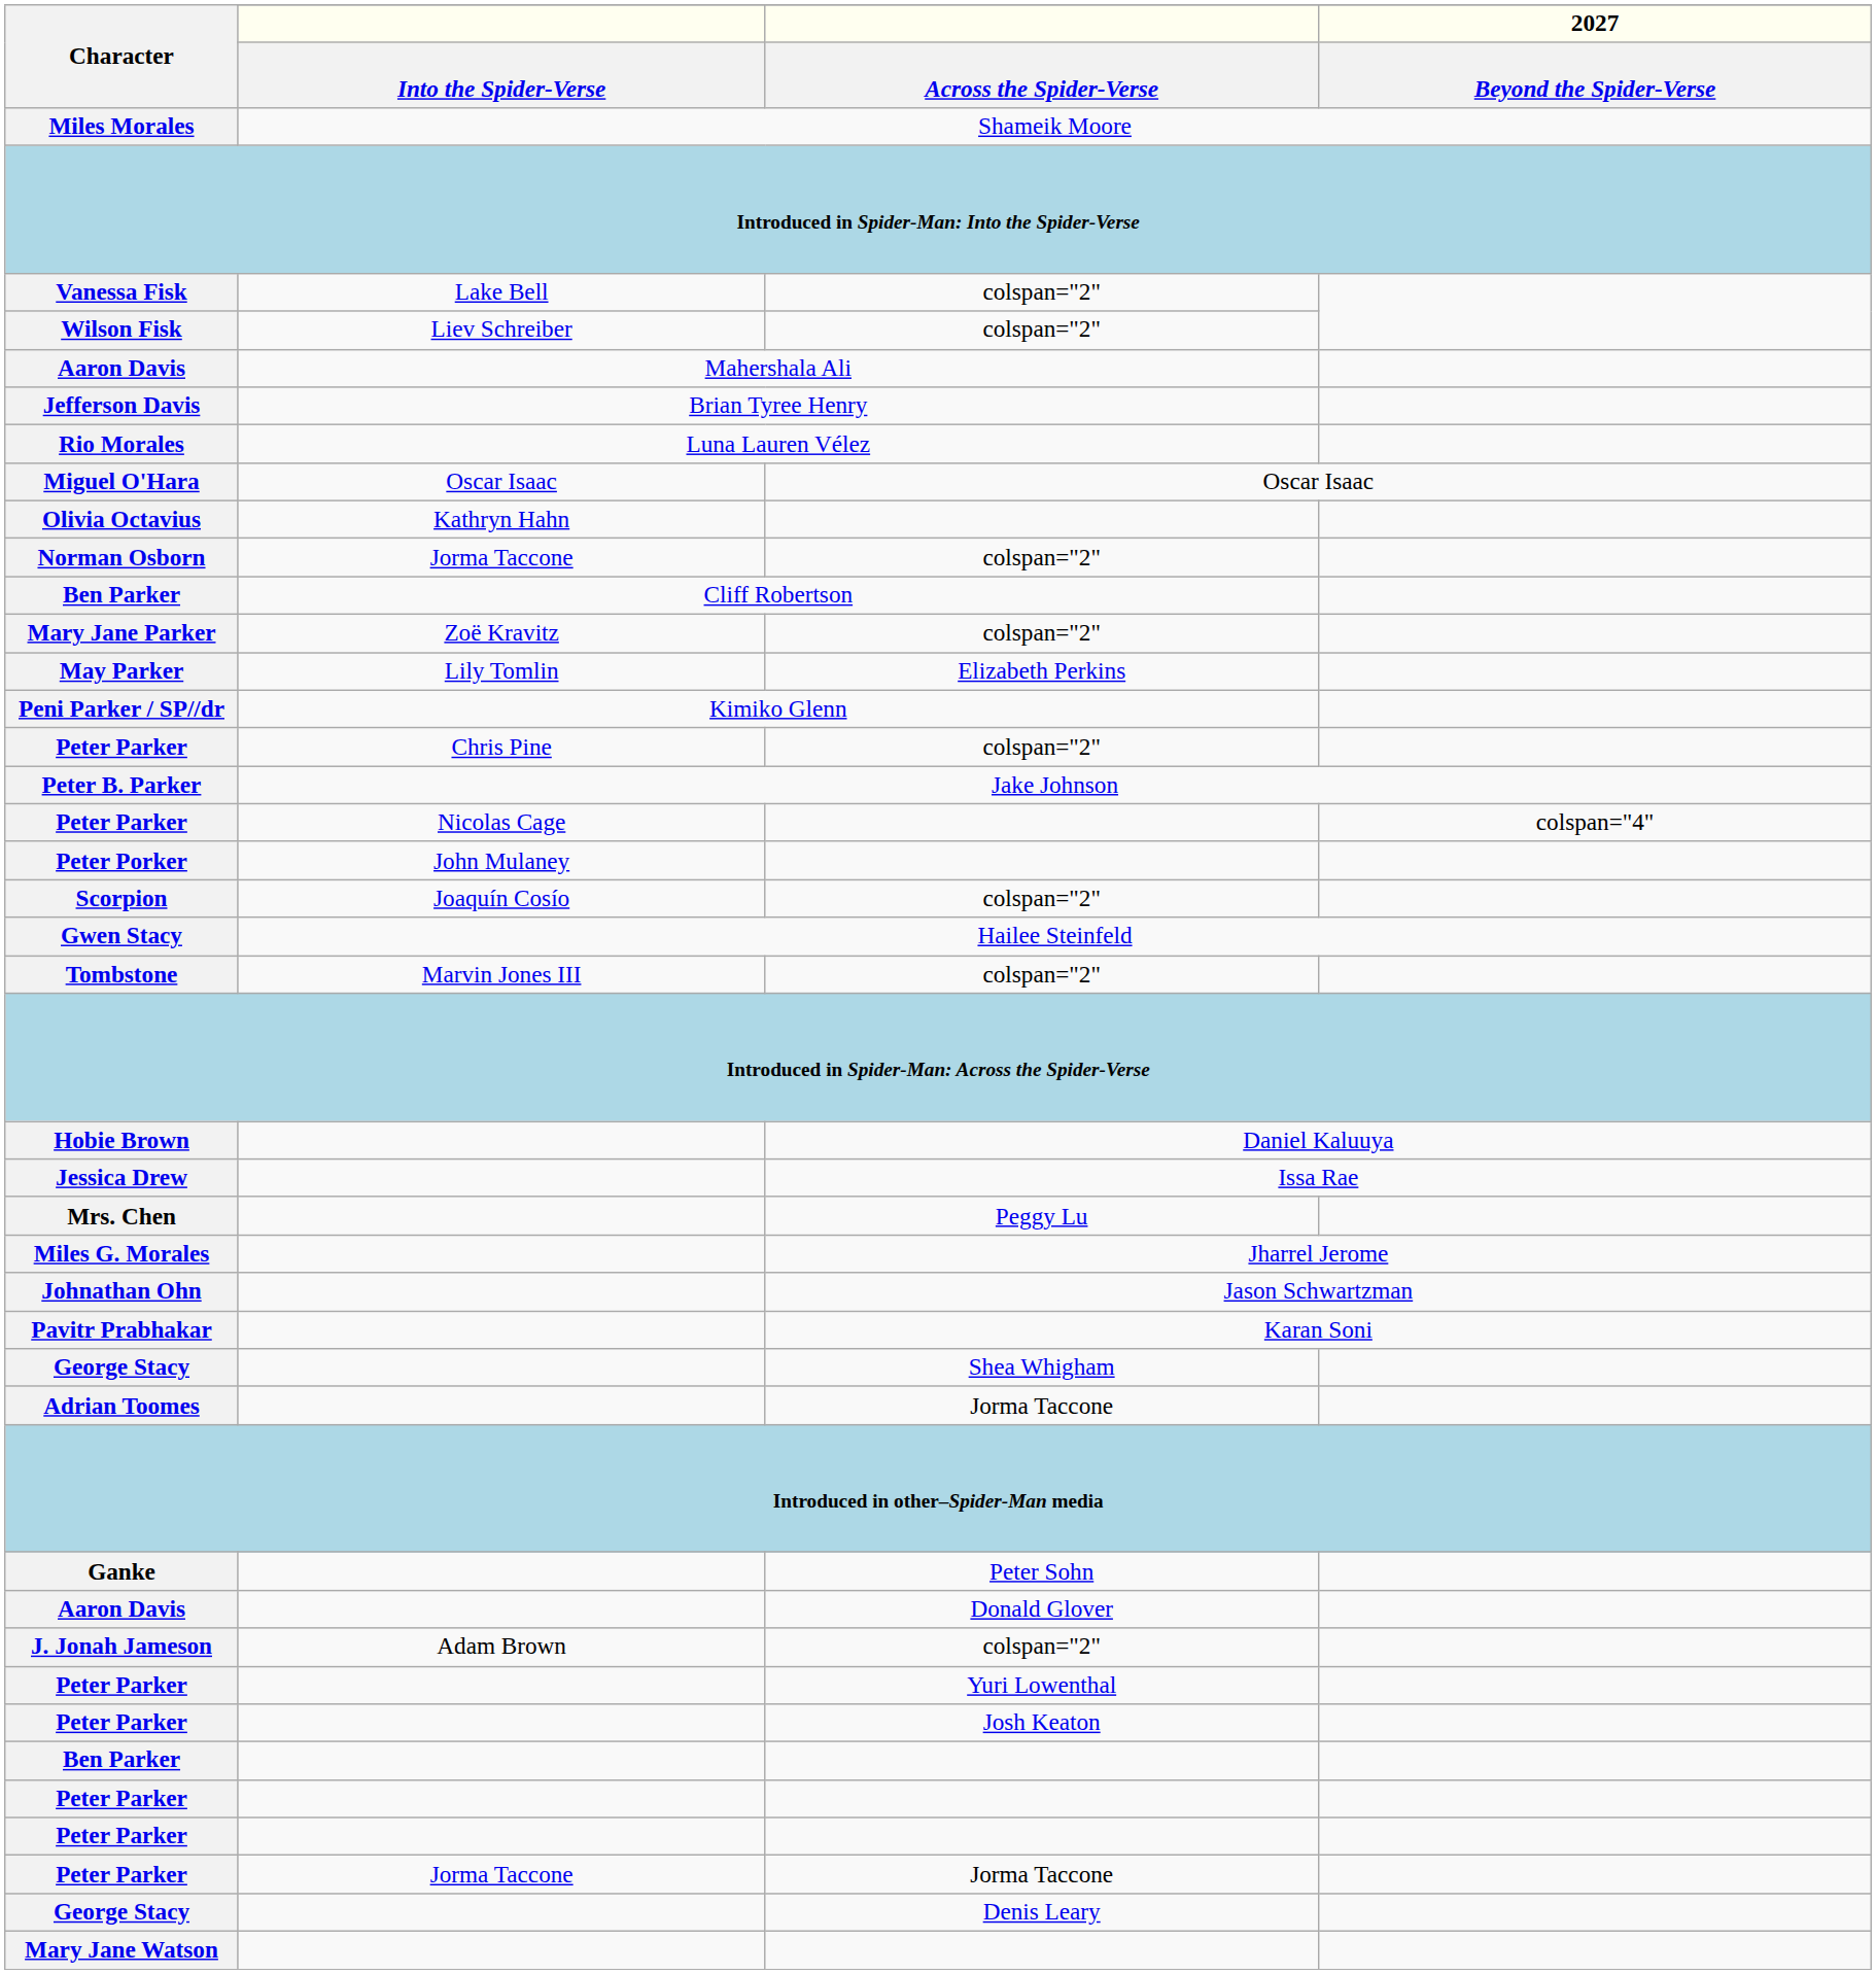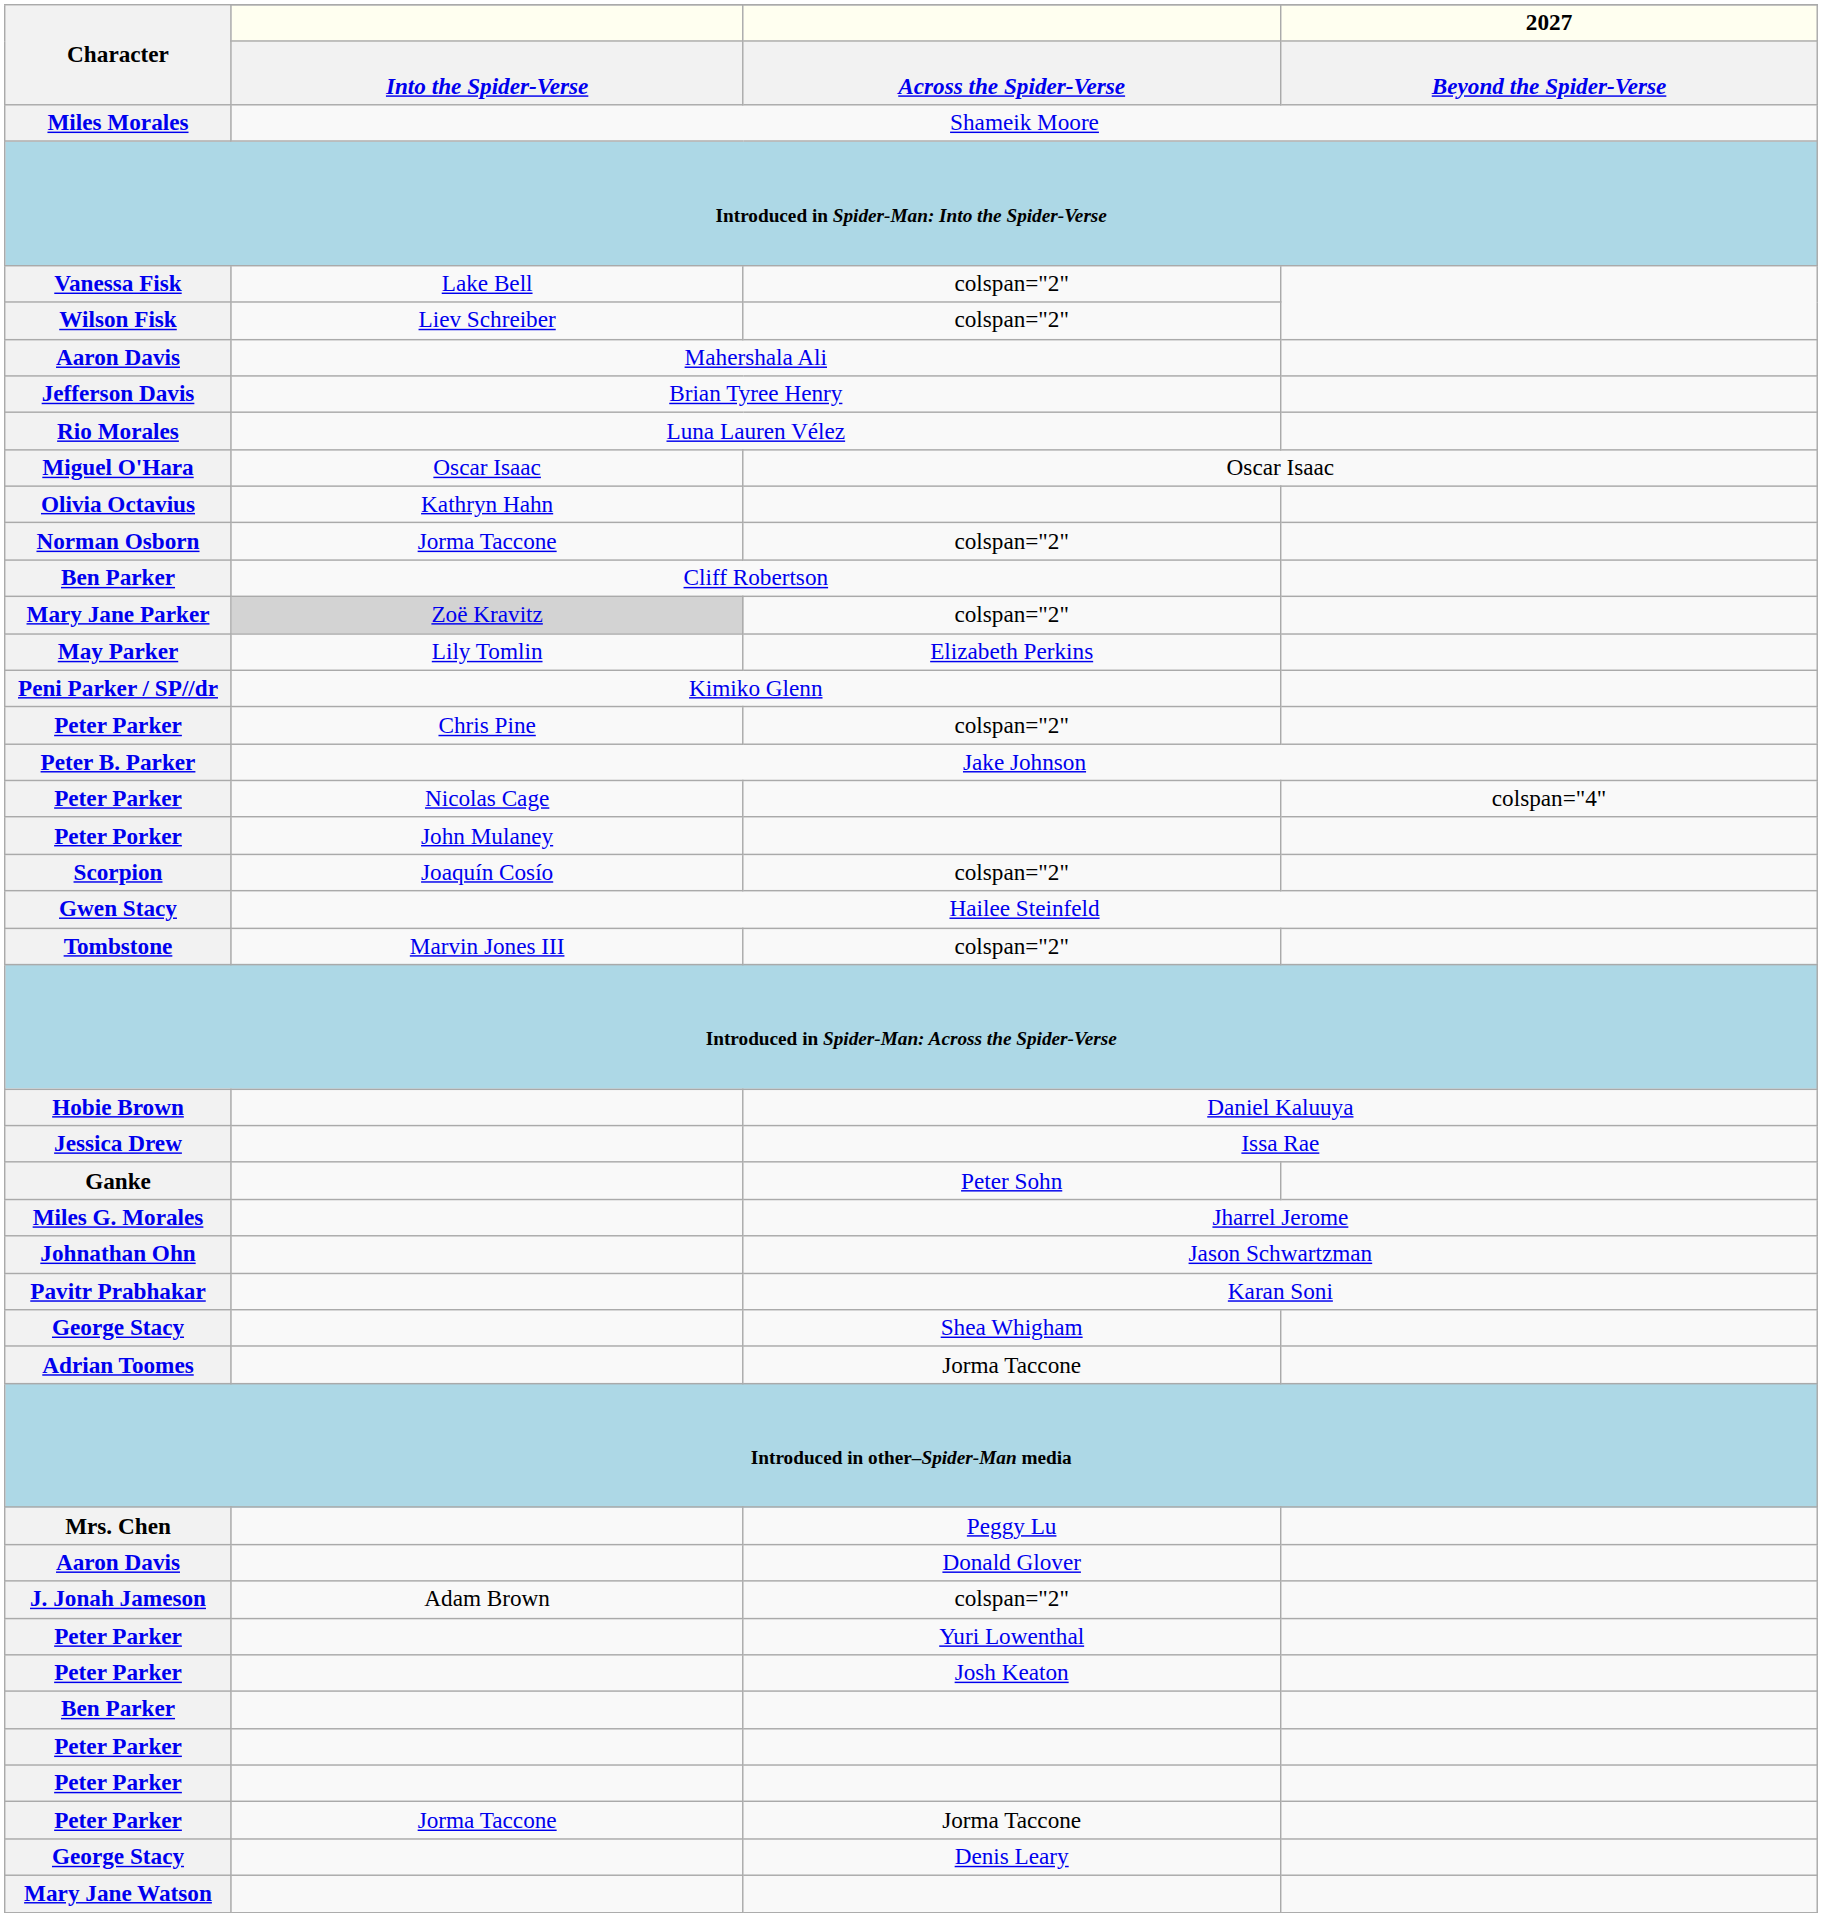 <table class="wikitable" style="text-align:center; width:99%;">
 <tr>
 <th rowspan="3" width="1.3%">Character</th>
 </tr>
 <tr>
 <th style="background:ivory;"></th>
 <th style="background:ivory;"></th>
 <th style="background:ivory;">2027</th>
 </tr>
 <tr>
 <th align="center" width="5%"><a href='#'><em><br>Into the Spider-Verse</em></a></th>
 <th align="center" width="5%"><a href='#'><em><br>Across the Spider-Verse</em></a></th>
 <th align="center" width="5%"><a href='#'><em><br>Beyond the Spider-Verse</em></a></th>
 </tr>
 <tr>
 <th><a href='#'>Miles Morales<br></a></th>
 <td colspan="3"><a href='#'>Shameik Moore</a></td>
 </tr>
 <tr>
 <th colspan="4" style="background:lightblue;"><br><h5>Introduced in <em>Spider-Man: Into the Spider-Verse</em></h5></th>
 </tr>
 <tr>
 <th scope="row"><a href='#'>Vanessa Fisk</a></th>
 <td><a href='#'>Lake Bell</a></td>
 <td>colspan="2" </td>
 </tr>
 <tr>
 <th scope="row"><a href='#'>Wilson Fisk<br></a></th>
 <td><a href='#'>Liev Schreiber</a></td>
 <td>colspan="2" </td>
 </tr>
 <tr>
 <th scope="row"><a href='#'>Aaron Davis<br></a></th>
 <td colspan="2"><a href='#'>Mahershala Ali</a></td>
 <td></td>
 </tr>
 <tr>
 <th scope="row"><a href='#'>Jefferson Davis</a></th>
 <td colspan="2"><a href='#'>Brian Tyree Henry</a></td>
 <td></td>
 </tr>
 <tr>
 <th scope="row"><a href='#'>Rio Morales</a></th>
 <td colspan="2"><a href='#'>Luna Lauren Vélez</a></td>
 <td></td>
 </tr>
 <tr>
 <th scope="row"><a href='#'>Miguel O'Hara<br></a></th>
 <td><a href='#'>Oscar Isaac</a></td>
 <td colspan="2">Oscar Isaac</td>
 </tr>
 <tr>
 <th><a href='#'>Olivia Octavius<br></a></th>
 <td><a href='#'>Kathryn Hahn</a></td>
 <td></td>
 <td></td>
 </tr>
 <tr>
 <th><a href='#'>Norman Osborn<br></a></th>
 <td><a href='#'>Jorma Taccone</a></td>
 <td>colspan="2" </td>
 </tr>
 <tr>
 <th><a href='#'>Ben Parker</a></th>
 <td colspan="2"><a href='#'>Cliff Robertson</a></td>
 <td></td>
 </tr>
 <tr>
 <th><a href='#'>Mary Jane Parker</a></th>
-<td><a href='#'>Zoë Kravitz</a></td>
+<td style="background: lightgrey;"><a href='#'>Zoë Kravitz</a></td>
 <td>colspan="2" </td>
 </tr>
 <tr>
 <th><a href='#'>May Parker</a></th>
 <td><a href='#'>Lily Tomlin</a></td>
 <td><a href='#'>Elizabeth Perkins</a></td>
 <td></td>
 </tr>
 <tr>
 <th><a href='#'>Peni Parker / SP//dr</a></th>
 <td colspan="2"><a href='#'>Kimiko Glenn</a></td>
 <td></td>
 </tr>
 <tr>
 <th><a href='#'>Peter Parker<br></a></th>
 <td><a href='#'>Chris Pine</a></td>
 <td>colspan="2" </td>
 </tr>
 <tr>
 <th scope="row"><a href='#'>Peter B. Parker<br></a></th>
 <td colspan="3"><a href='#'>Jake Johnson</a></td>
 </tr>
 <tr>
 <th><a href='#'>Peter Parker<br></a></th>
 <td><a href='#'>Nicolas Cage</a></td>
 <td></td>
 <td>colspan="4" </td>
 </tr>
 <tr>
 <th><a href='#'>Peter Porker<br></a></th>
 <td><a href='#'>John Mulaney</a></td>
 <td></td>
 <td></td>
 </tr>
 <tr>
 <th scope="row"><a href='#'>Scorpion</a></th>
 <td><a href='#'>Joaquín Cosío</a></td>
 <td>colspan="2" </td>
 </tr>
 <tr>
 <th scope="row"><a href='#'>Gwen Stacy<br></a></th>
 <td colspan="3"><a href='#'>Hailee Steinfeld</a></td>
 </tr>
 <tr>
 <th scope="row"><a href='#'>Tombstone</a></th>
 <td><a href='#'>Marvin Jones III</a></td>
 <td>colspan="2" </td>
 </tr>
 <tr>
 <th colspan="4" style="background:lightblue;"><br><h5>Introduced in <em>Spider-Man: Across the Spider-Verse</em></h5></th>
 </tr>
 <tr>
 <th scope="row"><a href='#'>Hobie Brown<br></a></th>
 <td></td>
 <td colspan="2"><a href='#'>Daniel Kaluuya</a></td>
 </tr>
 <tr>
 <th scope="row"><a href='#'>Jessica Drew<br></a></th>
 <td></td>
 <td colspan="2"><a href='#'>Issa Rae</a></td>
 </tr>
 <tr>
-<th scope="row">Mrs. Chen</th>
+<th scope="row">Ganke</th>
 <td></td>
-<td><a href='#'>Peggy Lu</a></td>
+<td><a href='#'>Peter Sohn</a></td>
 <td></td>
 </tr>
 <tr>
 <th scope="row"><a href='#'>Miles G. Morales</a><br></th>
 <td></td>
 <td colspan="2"><a href='#'>Jharrel Jerome</a></td>
 </tr>
 <tr>
 <th scope="row"><a href='#'>Johnathan Ohn</a><br></th>
 <td></td>
 <td colspan="2"><a href='#'>Jason Schwartzman</a></td>
 </tr>
 <tr>
 <th scope="row"><a href='#'>Pavitr Prabhakar<br></a></th>
 <td></td>
 <td colspan="2"><a href='#'>Karan Soni</a></td>
 </tr>
 <tr>
 <th scope="row"><a href='#'>George Stacy</a></th>
 <td></td>
 <td><a href='#'>Shea Whigham</a></td>
 <td></td>
 </tr>
 <tr>
 <th scope="row"><a href='#'>Adrian Toomes<br></a></th>
 <td></td>
 <td>Jorma Taccone</td>
 <td></td>
 </tr>
 <tr>
 <th colspan="4" style="background:lightblue;"><br><h5>Introduced in other–<em>Spider-Man</em> media</h5></th>
 </tr>
 <tr>
-<th scope="row">Ganke</th>
+<th scope="row">Mrs. Chen</th>
 <td></td>
-<td><a href='#'>Peter Sohn</a></td>
+<td><a href='#'>Peggy Lu</a></td>
 <td></td>
 </tr>
 <tr>
 <th scope="row"><a href='#'>Aaron Davis<br></a></th>
 <td></td>
 <td><a href='#'>Donald Glover</a></td>
 <td></td>
 </tr>
 <tr>
 <th scope="row"><a href='#'>J. Jonah Jameson </a></th>
 <td>Adam Brown</td>
 <td>colspan="2" </td>
 </tr>
 <tr>
 <th scope="row"><a href='#'>Peter Parker<br></a></th>
 <td></td>
 <td><a href='#'>Yuri Lowenthal</a></td>
 <td></td>
 </tr>
 <tr>
 <th scope="row"><a href='#'>Peter Parker<br></a></th>
 <td></td>
 <td><a href='#'>Josh Keaton</a></td>
 <td></td>
 </tr>
 <tr>
 <th scope="row"><a href='#'>Ben Parker</a></th>
 <td></td>
 <td></td>
 <td></td>
 </tr>
 <tr>
 <th scope="row"><a href='#'>Peter Parker<br></a></th>
 <td></td>
 <td></td>
 <td></td>
 </tr>
 <tr>
 <th scope="row"><a href='#'>Peter Parker<br></a></th>
 <td></td>
 <td></td>
 <td></td>
 </tr>
 <tr>
 <th scope="row"><a href='#'>Peter Parker<br></a></th>
 <td><a href='#'>Jorma Taccone</a></td>
 <td>Jorma Taccone</td>
 <td></td>
 </tr>
 <tr>
 <th scope="row"><a href='#'>George Stacy</a></th>
 <td></td>
 <td><a href='#'>Denis Leary</a></td>
 <td></td>
 </tr>
 <tr>
 <th scope="row"><a href='#'>Mary Jane Watson</a></th>
 <td></td>
 <td></td>
 <td></td>
 </tr>
 <tr>
 </tr>
 </table>
